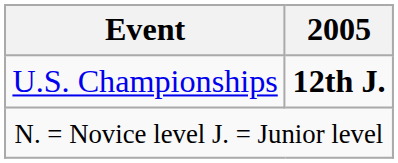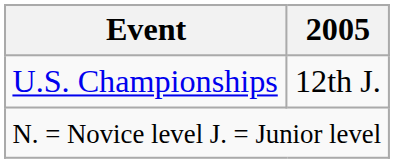 <table class="wikitable" style="text-align:center">
 <tr>
 <th>Event</th>
 <th>2005</th>
 </tr>
 <tr>
 <td align=left><a href='#'>U.S. Championships</a></td>
-<td><strong>12th J.</strong></td>
+<td>12th J.</td>
 </tr>
 <tr>
 <td colspan="2" style="text-align:center;"><small> N. = Novice level  J. = Junior level</small></td>
 </tr>
 </table>
